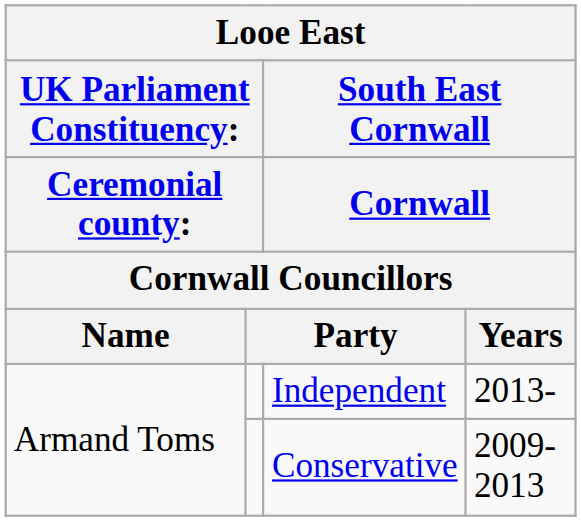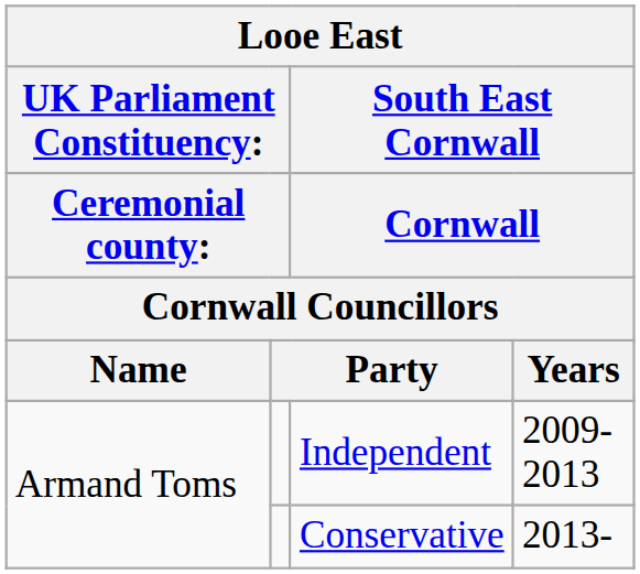 <table class="wikitable vcard" border="1" cellpadding="2" cellspacing="0" align="right" width="260" style="margin-left:0.5em;">
 <tr>
 <th class="fn org" colspan=4 align=center bgcolor="#ff9999"><strong>Looe East</strong></th>
 </tr>
 <tr class="note">
 <th colspan=2><a href='#'>UK Parliament Constituency</a>:</th>
 <th colspan=2><a href='#'>South East Cornwall</a></th>
 </tr>
 <tr class="note">
 <th colspan=2><a href='#'>Ceremonial county</a>:</th>
 <th colspan=2><a href='#'>Cornwall</a></th>
 </tr>
 <tr>
 <th colspan=4 align=center bgcolor="#ff9999">Cornwall Councillors</th>
 </tr>
 <tr>
 <th>Name</th>
 <th colspan=2>Party</th>
 <th>Years</th>
 </tr>
 <tr>
 <td rowspan="2">Armand Toms</td>
 <td style="background-color: "></td>
 <td><a href='#'>Independent</a></td>
-<td>2013-</td>
+<td>2009-2013</td>
 </tr>
 <tr>
 <td style="background-color: "></td>
 <td><a href='#'>Conservative</a></td>
-<td>2009-2013</td>
+<td>2013-</td>
 </tr>
 </table>
